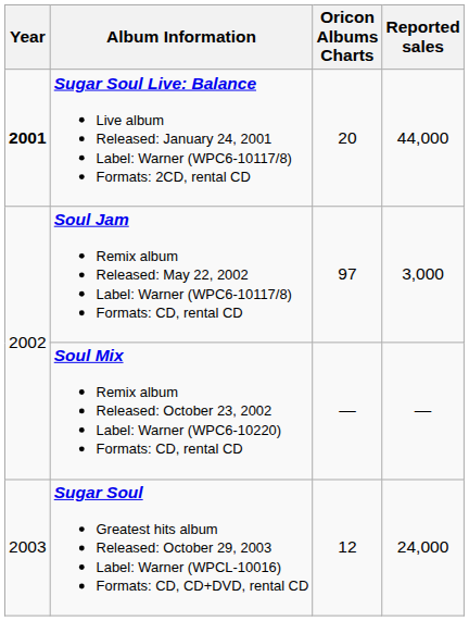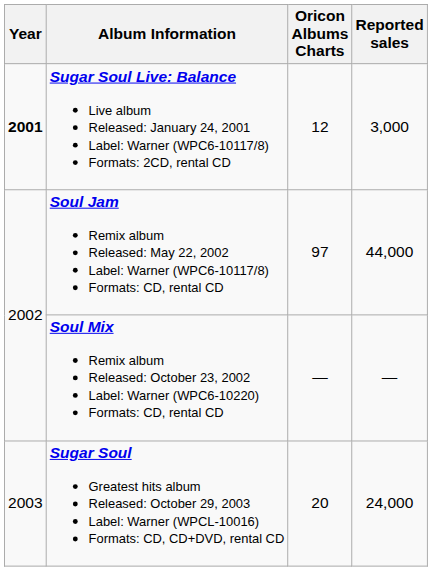 <table class="wikitable">
 <tr>
 <th rowspan="1">Year</th>
 <th rowspan="1">Album Information</th>
 <th colspan="1">Oricon<br>Albums<br>Charts<br></th>
 <th colspan="1">Reported<br>sales<br></th>
 </tr>
 <tr>
 <td align="center"><strong>2001</strong></td>
 <td><strong><em><a href='#'>Sugar Soul Live: Balance</a></em></strong><br><ul><li><small>Live album</small></li><li><small>Released: January 24, 2001</small></li><li><small>Label: Warner (WPC6-10117/8)</small></li><li><small>Formats: 2CD, rental CD</small></li></ul></td>
-<td align="center">20</td>
-<td align="center">44,000</td>
+<td align="center">12</td>
+<td align="center">3,000</td>
 </tr>
 <tr>
 <td align="center" rowspan="2">2002</td>
 <td><strong><em><a href='#'>Soul Jam</a></em></strong><br><ul><li><small>Remix album</small></li><li><small>Released: May 22, 2002</small></li><li><small>Label: Warner (WPC6-10117/8)</small></li><li><small>Formats: CD, rental CD</small></li></ul></td>
 <td align="center">97</td>
-<td align="center">3,000</td>
+<td align="center">44,000</td>
 </tr>
 <tr>
 <td><strong><em><a href='#'>Soul Mix</a></em></strong><br><ul><li><small>Remix album</small></li><li><small>Released: October 23, 2002</small></li><li><small>Label: Warner (WPC6-10220)</small></li><li><small>Formats: CD, rental CD</small></li></ul></td>
 <td align="center">—</td>
 <td align="center">—</td>
 </tr>
 <tr>
 <td align="center">2003</td>
 <td><strong><em><a href='#'>Sugar Soul</a></em></strong><br><ul><li><small>Greatest hits album</small></li><li><small>Released: October 29, 2003</small></li><li><small>Label: Warner (WPCL-10016)</small></li><li><small>Formats: CD, CD+DVD, rental CD</small></li></ul></td>
-<td align="center">12</td>
+<td align="center">20</td>
 <td align="center">24,000</td>
 </tr>
 </table>
